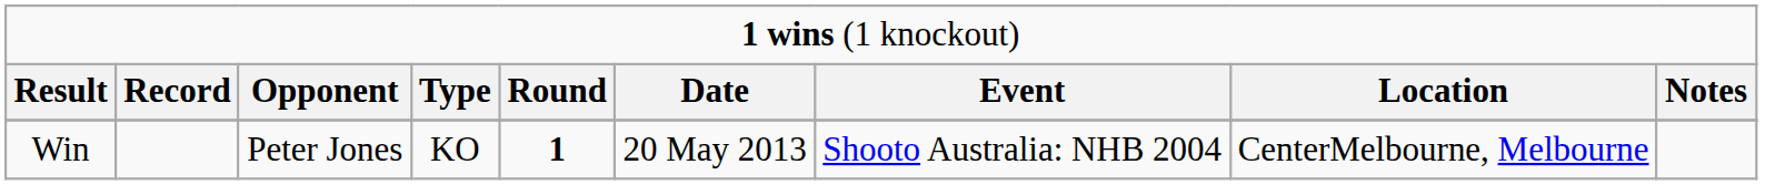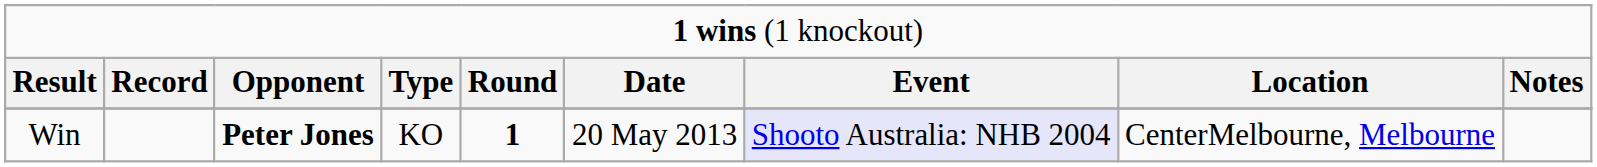 <table class="wikitable" style="font-size:88%; text-align:center;">
 <tr>
 <td colspan=9><strong>1 wins</strong> (1 knockout)</td>
 </tr>
 <tr>
 <th>Result</th>
 <th>Record</th>
 <th>Opponent</th>
 <th>Type</th>
 <th>Round</th>
 <th>Date</th>
 <th>Event</th>
 <th>Location</th>
 <th>Notes</th>
 </tr>
 <tr>
 </tr>
 <tr>
 <td>Win</td>
 <td></td>
-<td align=left> Peter Jones</td>
+<td align=left><strong> Peter Jones</strong></td>
 <td>KO</td>
 <td><strong>1</strong></td>
 <td>20 May 2013</td>
-<td align=left><a href='#'>Shooto</a> Australia: NHB 2004</td>
+<td align=left style="background: lavender;"><a href='#'>Shooto</a> Australia: NHB 2004</td>
 <td align=left> CenterMelbourne, <a href='#'>Melbourne</a></td>
 <td align=left></td>
 </tr>
 </table>
